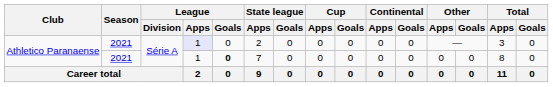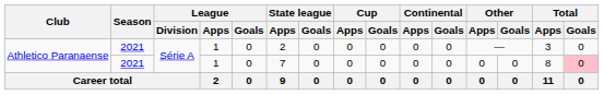 <table class="wikitable" style="text-align: center">
 <tr>
 <th rowspan="2">Club</th>
 <th rowspan="2">Season</th>
 <th colspan="3">League</th>
 <th colspan="2">State league</th>
 <th colspan="2">Cup</th>
 <th colspan="2">Continental</th>
 <th colspan="2">Other</th>
 <th colspan="2">Total</th>
 </tr>
 <tr>
 <th>Division</th>
 <th>Apps</th>
 <th>Goals</th>
 <th>Apps</th>
 <th>Goals</th>
 <th>Apps</th>
 <th>Goals</th>
 <th>Apps</th>
 <th>Goals</th>
 <th>Apps</th>
 <th>Goals</th>
 <th>Apps</th>
 <th>Goals</th>
 </tr>
 <tr>
 <td rowspan="2"><a href='#'>Athletico Paranaense</a></td>
 <td><a href='#'>2021</a></td>
 <td rowspan="2"><a href='#'>Série A</a></td>
-<td style="background: lavender;">1</td>
+<td>1</td>
 <td>0</td>
 <td>2</td>
 <td>0</td>
 <td>0</td>
 <td>0</td>
 <td>0</td>
 <td>0</td>
 <td colspan="2">—</td>
 <td>3</td>
 <td>0</td>
 </tr>
 <tr>
 <td><a href='#'>2021</a></td>
 <td>1</td>
-<td><strong>0</strong></td>
+<td>0</td>
 <td>7</td>
 <td>0</td>
 <td>0</td>
 <td>0</td>
 <td>0</td>
 <td>0</td>
 <td>0</td>
 <td>0</td>
 <td>8</td>
-<td>0</td>
+<td style="background: pink;">0</td>
 </tr>
 <tr>
 <th colspan="3"><strong>Career total</strong></th>
 <th>2</th>
 <th>0</th>
 <th>9</th>
 <th>0</th>
 <th>0</th>
 <th>0</th>
 <th>0</th>
 <th>0</th>
 <th>0</th>
 <th>0</th>
 <th>11</th>
 <th>0</th>
 </tr>
 </table>
